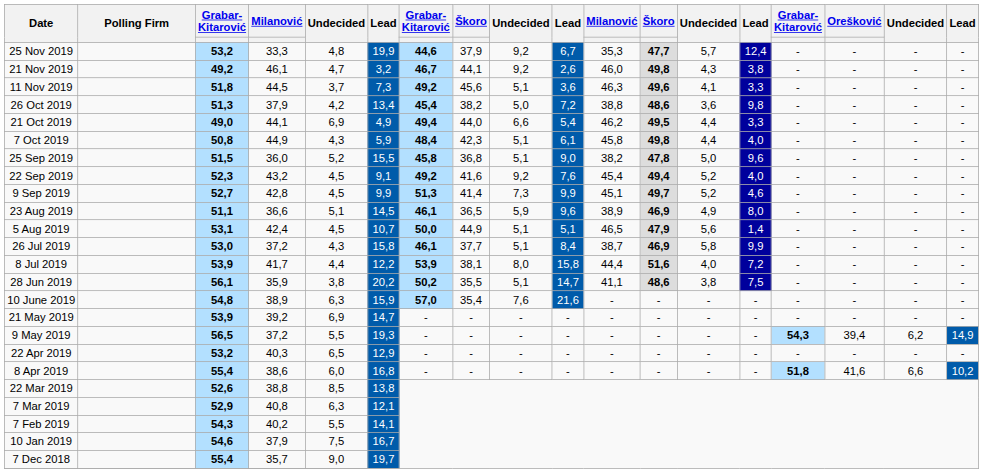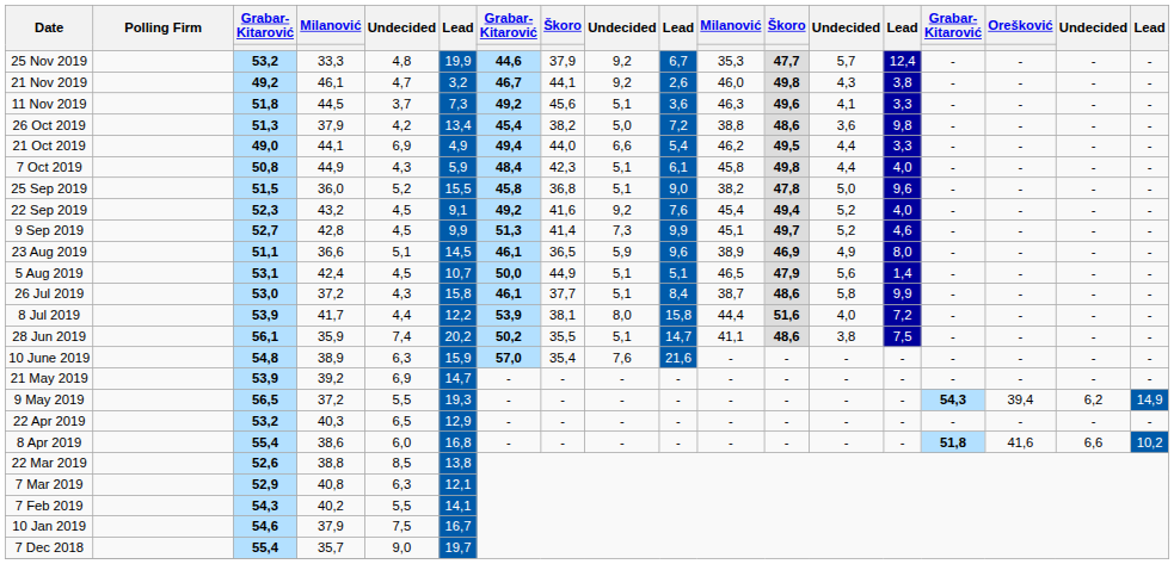 <table class="wikitable" style="text-align:center; font-size:90%; line-height:16px">
 <tr style="height:42px;">
 <th style="width:100px;" rowspan="2">Date</th>
 <th style="width:165px;" rowspan="2">Polling Firm</th>
 <th><a href='#'>Grabar-<br>Kitarović</a></th>
 <th><a href='#'>Milanović</a></th>
 <th style="width:40px;" rowspan="2">Undecided</th>
 <th style="width:20px;" rowspan="2">Lead</th>
 <th><a href='#'>Grabar-<br>Kitarović</a></th>
 <th><a href='#'>Škoro</a></th>
 <th style="width:40px;" rowspan="2">Undecided</th>
 <th style="width:20px;" rowspan="2">Lead</th>
 <th><a href='#'>Milanović</a></th>
 <th><a href='#'>Škoro</a></th>
 <th style="width:40px;" rowspan="2">Undecided</th>
 <th style="width:20px;" rowspan="2">Lead</th>
 <th><a href='#'>Grabar-<br>Kitarović</a></th>
 <th><a href='#'>Orešković</a></th>
 <th style="width:40px;" rowspan="2">Undecided</th>
 <th style="width:20px;" rowspan="2">Lead</th>
 </tr>
 <tr>
 <th style="background:"></th>
 <th style="background:"></th>
 <th style="background:"></th>
 <th style="background:"></th>
 <th style="background:"></th>
 <th style="background:"></th>
 <th style="background:"></th>
 <th style="background:"></th>
 </tr>
 <tr>
 <td>25 Nov 2019</td>
 <td></td>
 <td style="background:#B3E0FF"><strong>53,2</strong></td>
 <td>33,3</td>
 <td>4,8</td>
 <td style="background:#005BAA; color:white;">19,9</td>
 <td style="background:#B3E0FF"><strong>44,6</strong></td>
 <td>37,9</td>
 <td>9,2</td>
 <td style="background:#005BAA; color:white;">6,7</td>
 <td>35,3</td>
 <td style="background:#DDDDDD"><strong>47,7</strong></td>
 <td>5,7</td>
 <td style="background:#00009C; color:white;">12,4</td>
 <td>-</td>
 <td>-</td>
 <td>-</td>
 <td>-</td>
 </tr>
 <tr>
 <td>21 Nov 2019</td>
 <td></td>
 <td style="background:#B3E0FF"><strong>49,2</strong></td>
 <td>46,1</td>
 <td>4,7</td>
 <td style="background:#005BAA; color:white;">3,2</td>
 <td style="background:#B3E0FF"><strong>46,7</strong></td>
 <td>44,1</td>
 <td>9,2</td>
 <td style="background:#005BAA; color:white;">2,6</td>
 <td>46,0</td>
 <td style="background:#DDDDDD"><strong>49,8</strong></td>
 <td>4,3</td>
 <td style="background:#00009C; color:white;">3,8</td>
 <td>-</td>
 <td>-</td>
 <td>-</td>
 <td>-</td>
 </tr>
 <tr>
 <td>11 Nov 2019</td>
 <td></td>
 <td style="background:#B3E0FF"><strong>51,8</strong></td>
 <td>44,5</td>
 <td>3,7</td>
 <td style="background:#005BAA; color:white;">7,3</td>
 <td style="background:#B3E0FF"><strong>49,2</strong></td>
 <td>45,6</td>
 <td>5,1</td>
 <td style="background:#005BAA; color:white;">3,6</td>
 <td>46,3</td>
 <td style="background:#DDDDDD"><strong>49,6</strong></td>
 <td>4,1</td>
 <td style="background:#00009C; color:white;">3,3</td>
 <td>-</td>
 <td>-</td>
 <td>-</td>
 <td>-</td>
 </tr>
 <tr>
 <td>26 Oct 2019</td>
 <td></td>
 <td style="background:#B3E0FF"><strong>51,3</strong></td>
 <td>37,9</td>
 <td>4,2</td>
 <td style="background:#005BAA; color:white;">13,4</td>
 <td style="background:#B3E0FF"><strong>45,4</strong></td>
 <td>38,2</td>
 <td>5,0</td>
 <td style="background:#005BAA; color:white;">7,2</td>
 <td>38,8</td>
 <td style="background:#DDDDDD"><strong>48,6</strong></td>
 <td>3,6</td>
 <td style="background:#00009C; color:white;">9,8</td>
 <td>-</td>
 <td>-</td>
 <td>-</td>
 <td>-</td>
 </tr>
 <tr>
 <td>21 Oct 2019</td>
 <td></td>
 <td style="background:#B3E0FF"><strong>49,0</strong></td>
 <td>44,1</td>
 <td>6,9</td>
 <td style="background:#005BAA; color:white;">4,9</td>
 <td style="background:#B3E0FF"><strong>49,4</strong></td>
 <td>44,0</td>
 <td>6,6</td>
 <td style="background:#005BAA; color:white;">5,4</td>
 <td>46,2</td>
 <td style="background:#DDDDDD"><strong>49,5</strong></td>
 <td>4,4</td>
 <td style="background:#00009C; color:white;">3,3</td>
 <td>-</td>
 <td>-</td>
 <td>-</td>
 <td>-</td>
 </tr>
 <tr>
 <td>7 Oct 2019</td>
 <td></td>
 <td style="background:#B3E0FF"><strong>50,8</strong></td>
 <td>44,9</td>
 <td>4,3</td>
 <td style="background:#005BAA; color:white;">5,9</td>
 <td style="background:#B3E0FF"><strong>48,4</strong></td>
 <td>42,3</td>
 <td>5,1</td>
 <td style="background:#005BAA; color:white;">6,1</td>
 <td>45,8</td>
 <td style="background:#DDDDDD"><strong>49,8</strong></td>
 <td>4,4</td>
 <td style="background:#00009C; color:white;">4,0</td>
 <td>-</td>
 <td>-</td>
 <td>-</td>
 <td>-</td>
 </tr>
 <tr>
 <td>25 Sep 2019</td>
 <td></td>
 <td style="background:#B3E0FF"><strong>51,5</strong></td>
 <td>36,0</td>
 <td>5,2</td>
 <td style="background:#005BAA; color:white;">15,5</td>
 <td style="background:#B3E0FF"><strong>45,8</strong></td>
 <td>36,8</td>
 <td>5,1</td>
 <td style="background:#005BAA; color:white;">9,0</td>
 <td>38,2</td>
 <td style="background:#DDDDDD"><strong>47,8</strong></td>
 <td>5,0</td>
 <td style="background:#00009C; color:white;">9,6</td>
 <td>-</td>
 <td>-</td>
 <td>-</td>
 <td>-</td>
 </tr>
 <tr>
 <td>22 Sep 2019</td>
 <td></td>
 <td style="background:#B3E0FF"><strong>52,3</strong></td>
 <td>43,2</td>
 <td>4,5</td>
 <td style="background:#005BAA; color:white;">9,1</td>
 <td style="background:#B3E0FF"><strong>49,2</strong></td>
 <td>41,6</td>
 <td>9,2</td>
 <td style="background:#005BAA; color:white;">7,6</td>
 <td>45,4</td>
 <td style="background:#DDDDDD"><strong>49,4</strong></td>
 <td>5,2</td>
 <td style="background:#00009C; color:white;">4,0</td>
 <td>-</td>
 <td>-</td>
 <td>-</td>
 <td>-</td>
 </tr>
 <tr>
 <td>9 Sep 2019</td>
 <td></td>
 <td style="background:#B3E0FF"><strong>52,7</strong></td>
 <td>42,8</td>
 <td>4,5</td>
 <td style="background:#005BAA; color:white;">9,9</td>
 <td style="background:#B3E0FF"><strong>51,3</strong></td>
 <td>41,4</td>
 <td>7,3</td>
 <td style="background:#005BAA; color:white;">9,9</td>
 <td>45,1</td>
 <td style="background:#DDDDDD"><strong>49,7</strong></td>
 <td>5,2</td>
 <td style="background:#00009C; color:white;">4,6</td>
 <td>-</td>
 <td>-</td>
 <td>-</td>
 <td>-</td>
 </tr>
 <tr>
 <td>23 Aug 2019</td>
 <td></td>
 <td style="background:#B3E0FF"><strong>51,1</strong></td>
 <td>36,6</td>
 <td>5,1</td>
 <td style="background:#005BAA; color:white;">14,5</td>
 <td style="background:#B3E0FF"><strong>46,1</strong></td>
 <td>36,5</td>
 <td>5,9</td>
 <td style="background:#005BAA; color:white;">9,6</td>
 <td>38,9</td>
 <td style="background:#DDDDDD"><strong>46,9</strong></td>
 <td>4,9</td>
 <td style="background:#00009C; color:white;">8,0</td>
 <td>-</td>
 <td>-</td>
 <td>-</td>
 <td>-</td>
 </tr>
 <tr>
 <td>5 Aug 2019</td>
 <td></td>
 <td style="background:#B3E0FF"><strong>53,1</strong></td>
 <td>42,4</td>
 <td>4,5</td>
 <td style="background:#005BAA; color:white;">10,7</td>
 <td style="background:#B3E0FF"><strong>50,0</strong></td>
 <td>44,9</td>
 <td>5,1</td>
 <td style="background:#005BAA; color:white;">5,1</td>
 <td>46,5</td>
 <td style="background:#DDDDDD"><strong>47,9</strong></td>
 <td>5,6</td>
 <td style="background:#00009C; color:white;">1,4</td>
 <td>-</td>
 <td>-</td>
 <td>-</td>
 <td>-</td>
 </tr>
 <tr>
 <td>26 Jul 2019</td>
 <td></td>
 <td style="background:#B3E0FF"><strong>53,0</strong></td>
 <td>37,2</td>
 <td>4,3</td>
 <td style="background:#005BAA; color:white;">15,8</td>
 <td style="background:#B3E0FF"><strong>46,1</strong></td>
 <td>37,7</td>
 <td>5,1</td>
 <td style="background:#005BAA; color:white;">8,4</td>
 <td>38,7</td>
-<td style="background:#DDDDDD"><strong>46,9</strong></td>
+<td style="background:#DDDDDD"><strong>48,6</strong></td>
 <td>5,8</td>
 <td style="background:#00009C; color:white;">9,9</td>
 <td>-</td>
 <td>-</td>
 <td>-</td>
 <td>-</td>
 </tr>
 <tr>
 <td>8 Jul 2019</td>
 <td></td>
 <td style="background:#B3E0FF"><strong>53,9</strong></td>
 <td>41,7</td>
 <td>4,4</td>
 <td style="background:#005BAA; color:white;">12,2</td>
 <td style="background:#B3E0FF"><strong>53,9</strong></td>
 <td>38,1</td>
 <td>8,0</td>
 <td style="background:#005BAA; color:white;">15,8</td>
 <td>44,4</td>
 <td style="background:#DDDDDD"><strong>51,6</strong></td>
 <td>4,0</td>
 <td style="background:#00009C; color:white;">7,2</td>
 <td>-</td>
 <td>-</td>
 <td>-</td>
 <td>-</td>
 </tr>
 <tr>
 <td>28 Jun 2019</td>
 <td></td>
 <td style="background:#B3E0FF"><strong>56,1</strong></td>
 <td>35,9</td>
-<td>3,8</td>
+<td>7,4</td>
 <td style="background:#005BAA; color:white;">20,2</td>
 <td style="background:#B3E0FF"><strong>50,2</strong></td>
 <td>35,5</td>
 <td>5,1</td>
 <td style="background:#005BAA; color:white;">14,7</td>
 <td>41,1</td>
 <td style="background:#DDDDDD"><strong>48,6</strong></td>
 <td>3,8</td>
 <td style="background:#00009C; color:white;">7,5</td>
 <td>-</td>
 <td>-</td>
 <td>-</td>
 <td>-</td>
 </tr>
 <tr>
 <td>10 June 2019</td>
 <td></td>
 <td style="background:#B3E0FF"><strong>54,8</strong></td>
 <td>38,9</td>
 <td>6,3</td>
 <td style="background:#005BAA; color:white;">15,9</td>
 <td style="background:#B3E0FF"><strong>57,0</strong></td>
 <td>35,4</td>
 <td>7,6</td>
 <td style="background:#005BAA; color:white;">21,6</td>
 <td>-</td>
 <td>-</td>
 <td>-</td>
 <td>-</td>
 <td>-</td>
 <td>-</td>
 <td>-</td>
 <td>-</td>
 </tr>
 <tr>
 <td>21 May 2019</td>
 <td></td>
 <td style="background:#B3E0FF"><strong>53,9</strong></td>
 <td>39,2</td>
 <td>6,9</td>
 <td style="background:#005BAA; color:white;">14,7</td>
 <td>-</td>
 <td>-</td>
 <td>-</td>
 <td>-</td>
 <td>-</td>
 <td>-</td>
 <td>-</td>
 <td>-</td>
 <td>-</td>
 <td>-</td>
 <td>-</td>
 <td>-</td>
 </tr>
 <tr>
 <td>9 May 2019</td>
 <td></td>
 <td style="background:#B3E0FF"><strong>56,5</strong></td>
 <td>37,2</td>
 <td>5,5</td>
 <td style="background:#005BAA; color:white;">19,3</td>
 <td>-</td>
 <td>-</td>
 <td>-</td>
 <td>-</td>
 <td>-</td>
 <td>-</td>
 <td>-</td>
 <td>-</td>
 <td style="background:#B3E0FF"><strong>54,3</strong></td>
 <td>39,4</td>
 <td>6,2</td>
 <td style="background:#005BAA; color:white;">14,9</td>
 </tr>
 <tr>
 <td>22 Apr 2019</td>
 <td></td>
 <td style="background:#B3E0FF"><strong>53,2</strong></td>
 <td>40,3</td>
 <td>6,5</td>
 <td style="background:#005BAA; color:white;">12,9</td>
 <td>-</td>
 <td>-</td>
 <td>-</td>
 <td>-</td>
 <td>-</td>
 <td>-</td>
 <td>-</td>
 <td>-</td>
 <td>-</td>
 <td>-</td>
 <td>-</td>
 <td>-</td>
 </tr>
 <tr>
 <td>8 Apr 2019</td>
 <td></td>
 <td style="background:#B3E0FF"><strong>55,4</strong></td>
 <td>38,6</td>
 <td>6,0</td>
 <td style="background:#005BAA; color:white;">16,8</td>
 <td>-</td>
 <td>-</td>
 <td>-</td>
 <td>-</td>
 <td>-</td>
 <td>-</td>
 <td>-</td>
 <td>-</td>
 <td style="background:#B3E0FF"><strong>51,8</strong></td>
 <td>41,6</td>
 <td>6,6</td>
 <td style="background:#005BAA; color:white;">10,2</td>
 </tr>
 <tr>
 <td>22 Mar 2019</td>
 <td></td>
 <td style="background:#B3E0FF"><strong>52,6</strong></td>
 <td>38,8</td>
 <td>8,5</td>
 <td style="background:#005BAA; color:white;">13,8</td>
 </tr>
 <tr>
 <td>7 Mar 2019</td>
 <td></td>
 <td style="background:#B3E0FF"><strong>52,9</strong></td>
 <td>40,8</td>
 <td>6,3</td>
 <td style="background:#005BAA; color:white;">12,1</td>
 </tr>
 <tr>
 <td>7 Feb 2019</td>
 <td></td>
 <td style="background:#B3E0FF"><strong>54,3</strong></td>
 <td>40,2</td>
 <td>5,5</td>
 <td style="background:#005BAA; color:white;">14,1</td>
 </tr>
 <tr>
 <td>10 Jan 2019</td>
 <td></td>
 <td style="background:#B3E0FF"><strong>54,6</strong></td>
 <td>37,9</td>
 <td>7,5</td>
 <td style="background:#005BAA; color:white;">16,7</td>
 </tr>
 <tr>
 <td>7 Dec 2018</td>
 <td></td>
 <td style="background:#B3E0FF"><strong>55,4</strong></td>
 <td>35,7</td>
 <td>9,0</td>
 <td style="background:#005BAA; color:white;">19,7</td>
 </tr>
 <tr>
 </tr>
 </table>
